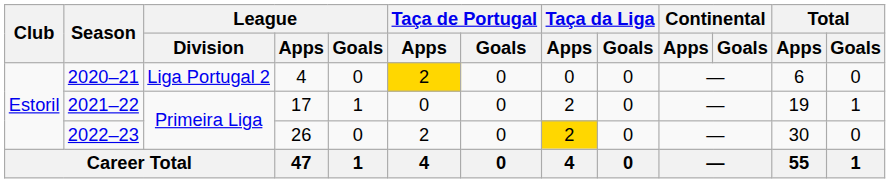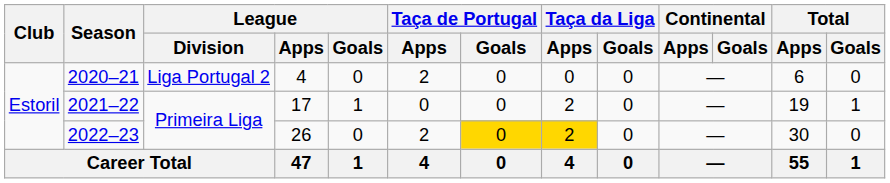 <table class="wikitable" style="text-align: center">
 <tr>
 <th rowspan="2">Club</th>
 <th rowspan="2">Season</th>
 <th colspan="3">League</th>
 <th colspan="2"><a href='#'>Taça de Portugal</a></th>
 <th colspan="2"><a href='#'>Taça da Liga</a></th>
 <th colspan="2">Continental</th>
 <th colspan="2">Total</th>
 </tr>
 <tr>
 <th>Division</th>
 <th>Apps</th>
 <th>Goals</th>
 <th>Apps</th>
 <th>Goals</th>
 <th>Apps</th>
 <th>Goals</th>
 <th>Apps</th>
 <th>Goals</th>
 <th>Apps</th>
 <th>Goals</th>
 </tr>
 <tr>
 <td rowspan="3"><a href='#'>Estoril</a></td>
 <td><a href='#'>2020–21</a></td>
 <td><a href='#'>Liga Portugal 2</a></td>
 <td>4</td>
 <td>0</td>
-<td style="background: gold;">2</td>
+<td>2</td>
 <td>0</td>
 <td>0</td>
 <td>0</td>
 <td colspan="2">—</td>
 <td>6</td>
 <td>0</td>
 </tr>
 <tr>
 <td><a href='#'>2021–22</a></td>
 <td rowspan="2"><a href='#'>Primeira Liga</a></td>
 <td>17</td>
 <td>1</td>
 <td>0</td>
 <td>0</td>
 <td>2</td>
 <td>0</td>
 <td colspan="2">—</td>
 <td>19</td>
 <td>1</td>
 </tr>
 <tr>
 <td><a href='#'>2022–23</a></td>
 <td>26</td>
 <td>0</td>
 <td>2</td>
-<td>0</td>
+<td style="background: gold;">0</td>
 <td style="background: gold;">2</td>
 <td>0</td>
 <td colspan="2">—</td>
 <td>30</td>
 <td>0</td>
 </tr>
 <tr>
 <th colspan="3">Career Total</th>
 <th>47</th>
 <th>1</th>
 <th>4</th>
 <th>0</th>
 <th>4</th>
 <th>0</th>
 <th colspan="2">—</th>
 <th>55</th>
 <th>1</th>
 </tr>
 </table>
